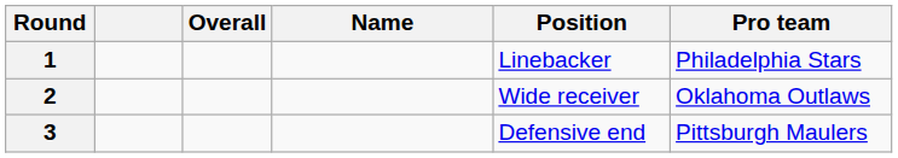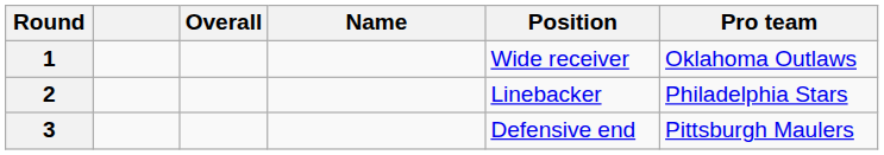 <table class="wikitable sortable">
 <tr>
 <th scope="col" style="width: 10%;">Round</th>
 <th scope="col" style="width: 10%;"></th>
 <th scope="col" style="width: 10%;">Overall</th>
 <th scope="col" style="width: 25%;">Name</th>
 <th scope="col" style="width: 20%;">Position</th>
 <th scope="col" style="width: 25%;">Pro team</th>
 </tr>
 <tr>
 <th scope="row">1</th>
 <td></td>
 <td></td>
 <td></td>
-<td><a href='#'>Linebacker</a></td>
-<td><a href='#'>Philadelphia Stars</a></td>
+<td><a href='#'>Wide receiver</a></td>
+<td><a href='#'>Oklahoma Outlaws</a></td>
 </tr>
 <tr>
 <th scope="row">2</th>
 <td></td>
 <td></td>
 <td></td>
-<td><a href='#'>Wide receiver</a></td>
-<td><a href='#'>Oklahoma Outlaws</a></td>
+<td><a href='#'>Linebacker</a></td>
+<td><a href='#'>Philadelphia Stars</a></td>
 </tr>
 <tr>
 <th scope="row">3</th>
 <td></td>
 <td></td>
 <td></td>
 <td><a href='#'>Defensive end</a></td>
 <td><a href='#'>Pittsburgh Maulers</a></td>
 </tr>
 </table>
